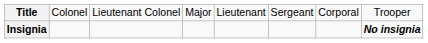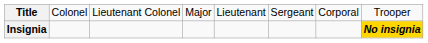 <table class="wikitable">
 <tr style="text-align:center;">
 <th>Title</th>
 <td>Colonel</td>
 <td>Lieutenant Colonel</td>
 <td>Major</td>
 <td>Lieutenant</td>
 <td>Sergeant</td>
 <td>Corporal</td>
 <td>Trooper</td>
 </tr>
 <tr style="text-align:center;">
 <th>Insignia</th>
 <td></td>
 <td></td>
 <td></td>
 <td></td>
 <td></td>
 <td></td>
-<td><strong><em>No insignia</em></strong></td>
+<td style="background: gold;"><strong><em>No insignia</em></strong></td>
 </tr>
 </table>
